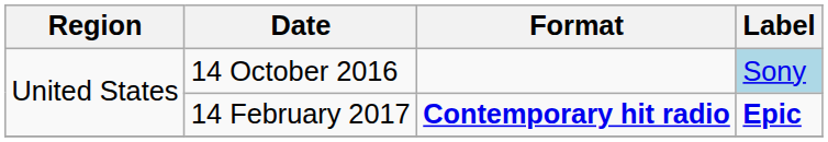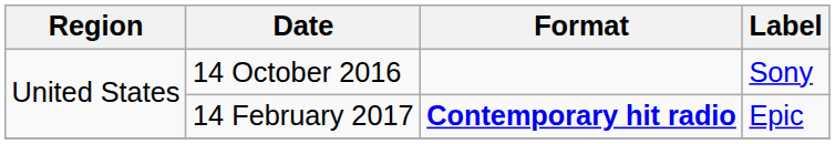 <table class=wikitable>
 <tr>
 <th>Region</th>
 <th>Date</th>
 <th>Format</th>
 <th>Label</th>
 </tr>
 <tr>
 <td rowspan="2">United States</td>
 <td>14 October 2016</td>
 <td></td>
-<td style="background: lightblue;"><a href='#'>Sony</a></td>
+<td><a href='#'>Sony</a></td>
 </tr>
 <tr>
 <td>14 February 2017</td>
 <td><strong><a href='#'>Contemporary hit radio</a></strong></td>
-<td><strong><a href='#'>Epic</a></strong></td>
+<td><a href='#'>Epic</a></td>
 </tr>
 <tr>
 </tr>
 </table>
